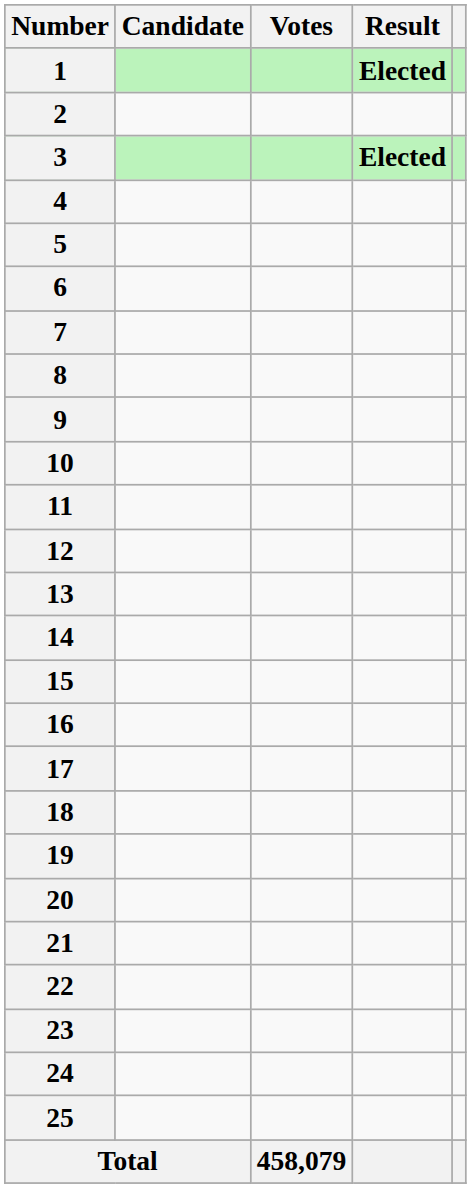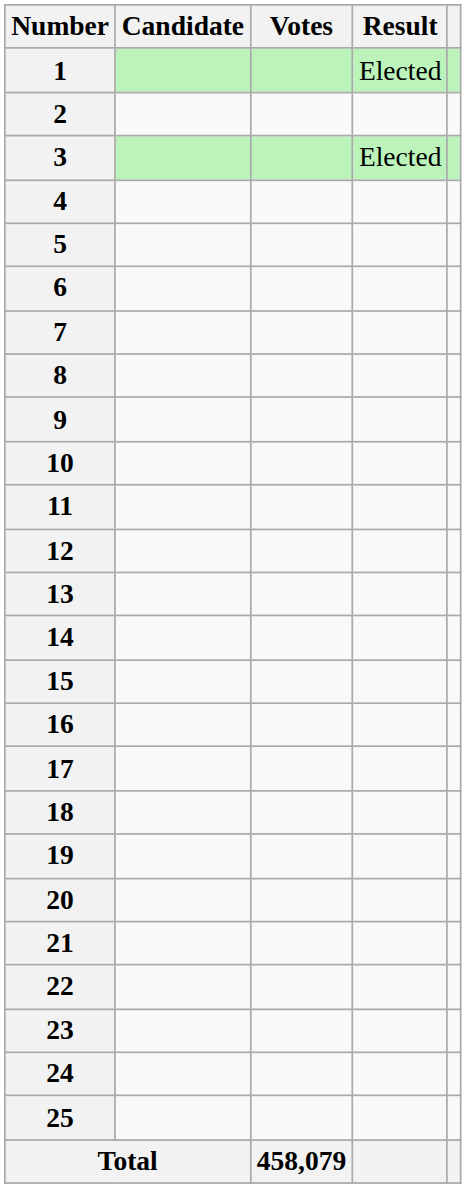 <table class="wikitable sortable">
 <tr>
 <th scope="col">Number</th>
 <th scope="col">Candidate</th>
 <th scope="col">Votes</th>
 <th scope="col">Result</th>
 <th scope="col" class="unsortable"></th>
 </tr>
 <tr bgcolor=bbf3bb>
 <th scope="row">1</th>
 <td></td>
 <td style="text-align:right"></td>
-<td><strong>Elected</strong></td>
+<td>Elected</td>
 <td></td>
 </tr>
 <tr>
 <th scope="row">2</th>
 <td></td>
 <td style="text-align:right"></td>
 <td></td>
 <td></td>
 </tr>
 <tr bgcolor=bbf3bb>
 <th scope="row">3</th>
 <td></td>
 <td style="text-align:right"></td>
-<td><strong>Elected</strong></td>
+<td>Elected</td>
 <td></td>
 </tr>
 <tr>
 <th scope="row">4</th>
 <td></td>
 <td style="text-align:right"></td>
 <td></td>
 <td></td>
 </tr>
 <tr>
 <th scope="row">5</th>
 <td></td>
 <td style="text-align:right"></td>
 <td></td>
 <td></td>
 </tr>
 <tr>
 <th scope="row">6</th>
 <td></td>
 <td style="text-align:right"></td>
 <td></td>
 <td></td>
 </tr>
 <tr>
 <th scope="row">7</th>
 <td></td>
 <td style="text-align:right"></td>
 <td></td>
 <td></td>
 </tr>
 <tr>
 <th scope="row">8</th>
 <td></td>
 <td style="text-align:right"></td>
 <td></td>
 <td></td>
 </tr>
 <tr>
 <th scope="row">9</th>
 <td></td>
 <td style="text-align:right"></td>
 <td></td>
 <td></td>
 </tr>
 <tr>
 <th scope="row">10</th>
 <td></td>
 <td style="text-align:right"></td>
 <td></td>
 <td></td>
 </tr>
 <tr>
 <th scope="row">11</th>
 <td></td>
 <td style="text-align:right"></td>
 <td></td>
 <td></td>
 </tr>
 <tr>
 <th scope="row">12</th>
 <td></td>
 <td style="text-align:right"></td>
 <td></td>
 <td></td>
 </tr>
 <tr>
 <th scope="row">13</th>
 <td></td>
 <td style="text-align:right"></td>
 <td></td>
 <td></td>
 </tr>
 <tr>
 <th scope="row">14</th>
 <td></td>
 <td style="text-align:right"></td>
 <td></td>
 <td></td>
 </tr>
 <tr>
 <th scope="row">15</th>
 <td></td>
 <td style="text-align:right"></td>
 <td></td>
 <td></td>
 </tr>
 <tr>
 <th scope="row">16</th>
 <td></td>
 <td style="text-align:right"></td>
 <td></td>
 <td></td>
 </tr>
 <tr>
 <th scope="row">17</th>
 <td></td>
 <td style="text-align:right"></td>
 <td></td>
 <td></td>
 </tr>
 <tr>
 <th scope="row">18</th>
 <td></td>
 <td style="text-align:right"></td>
 <td></td>
 <td></td>
 </tr>
 <tr>
 <th scope="row">19</th>
 <td></td>
 <td style="text-align:right"></td>
 <td></td>
 <td></td>
 </tr>
 <tr>
 <th scope="row">20</th>
 <td></td>
 <td style="text-align:right"></td>
 <td></td>
 <td></td>
 </tr>
 <tr>
 <th scope="row">21</th>
 <td></td>
 <td style="text-align:right"></td>
 <td></td>
 <td></td>
 </tr>
 <tr>
 <th scope="row">22</th>
 <td></td>
 <td style="text-align:right"></td>
 <td></td>
 <td></td>
 </tr>
 <tr>
 <th scope="row">23</th>
 <td></td>
 <td style="text-align:right"></td>
 <td></td>
 <td></td>
 </tr>
 <tr>
 <th scope="row">24</th>
 <td></td>
 <td style="text-align:right"></td>
 <td></td>
 <td></td>
 </tr>
 <tr>
 <th scope="row">25</th>
 <td></td>
 <td style="text-align:right"></td>
 <td></td>
 <td></td>
 </tr>
 <tr class="sortbottom">
 <th scope="row" colspan="2">Total</th>
 <th style="text-align:right">458,079</th>
 <th></th>
 <th></th>
 </tr>
 </table>
